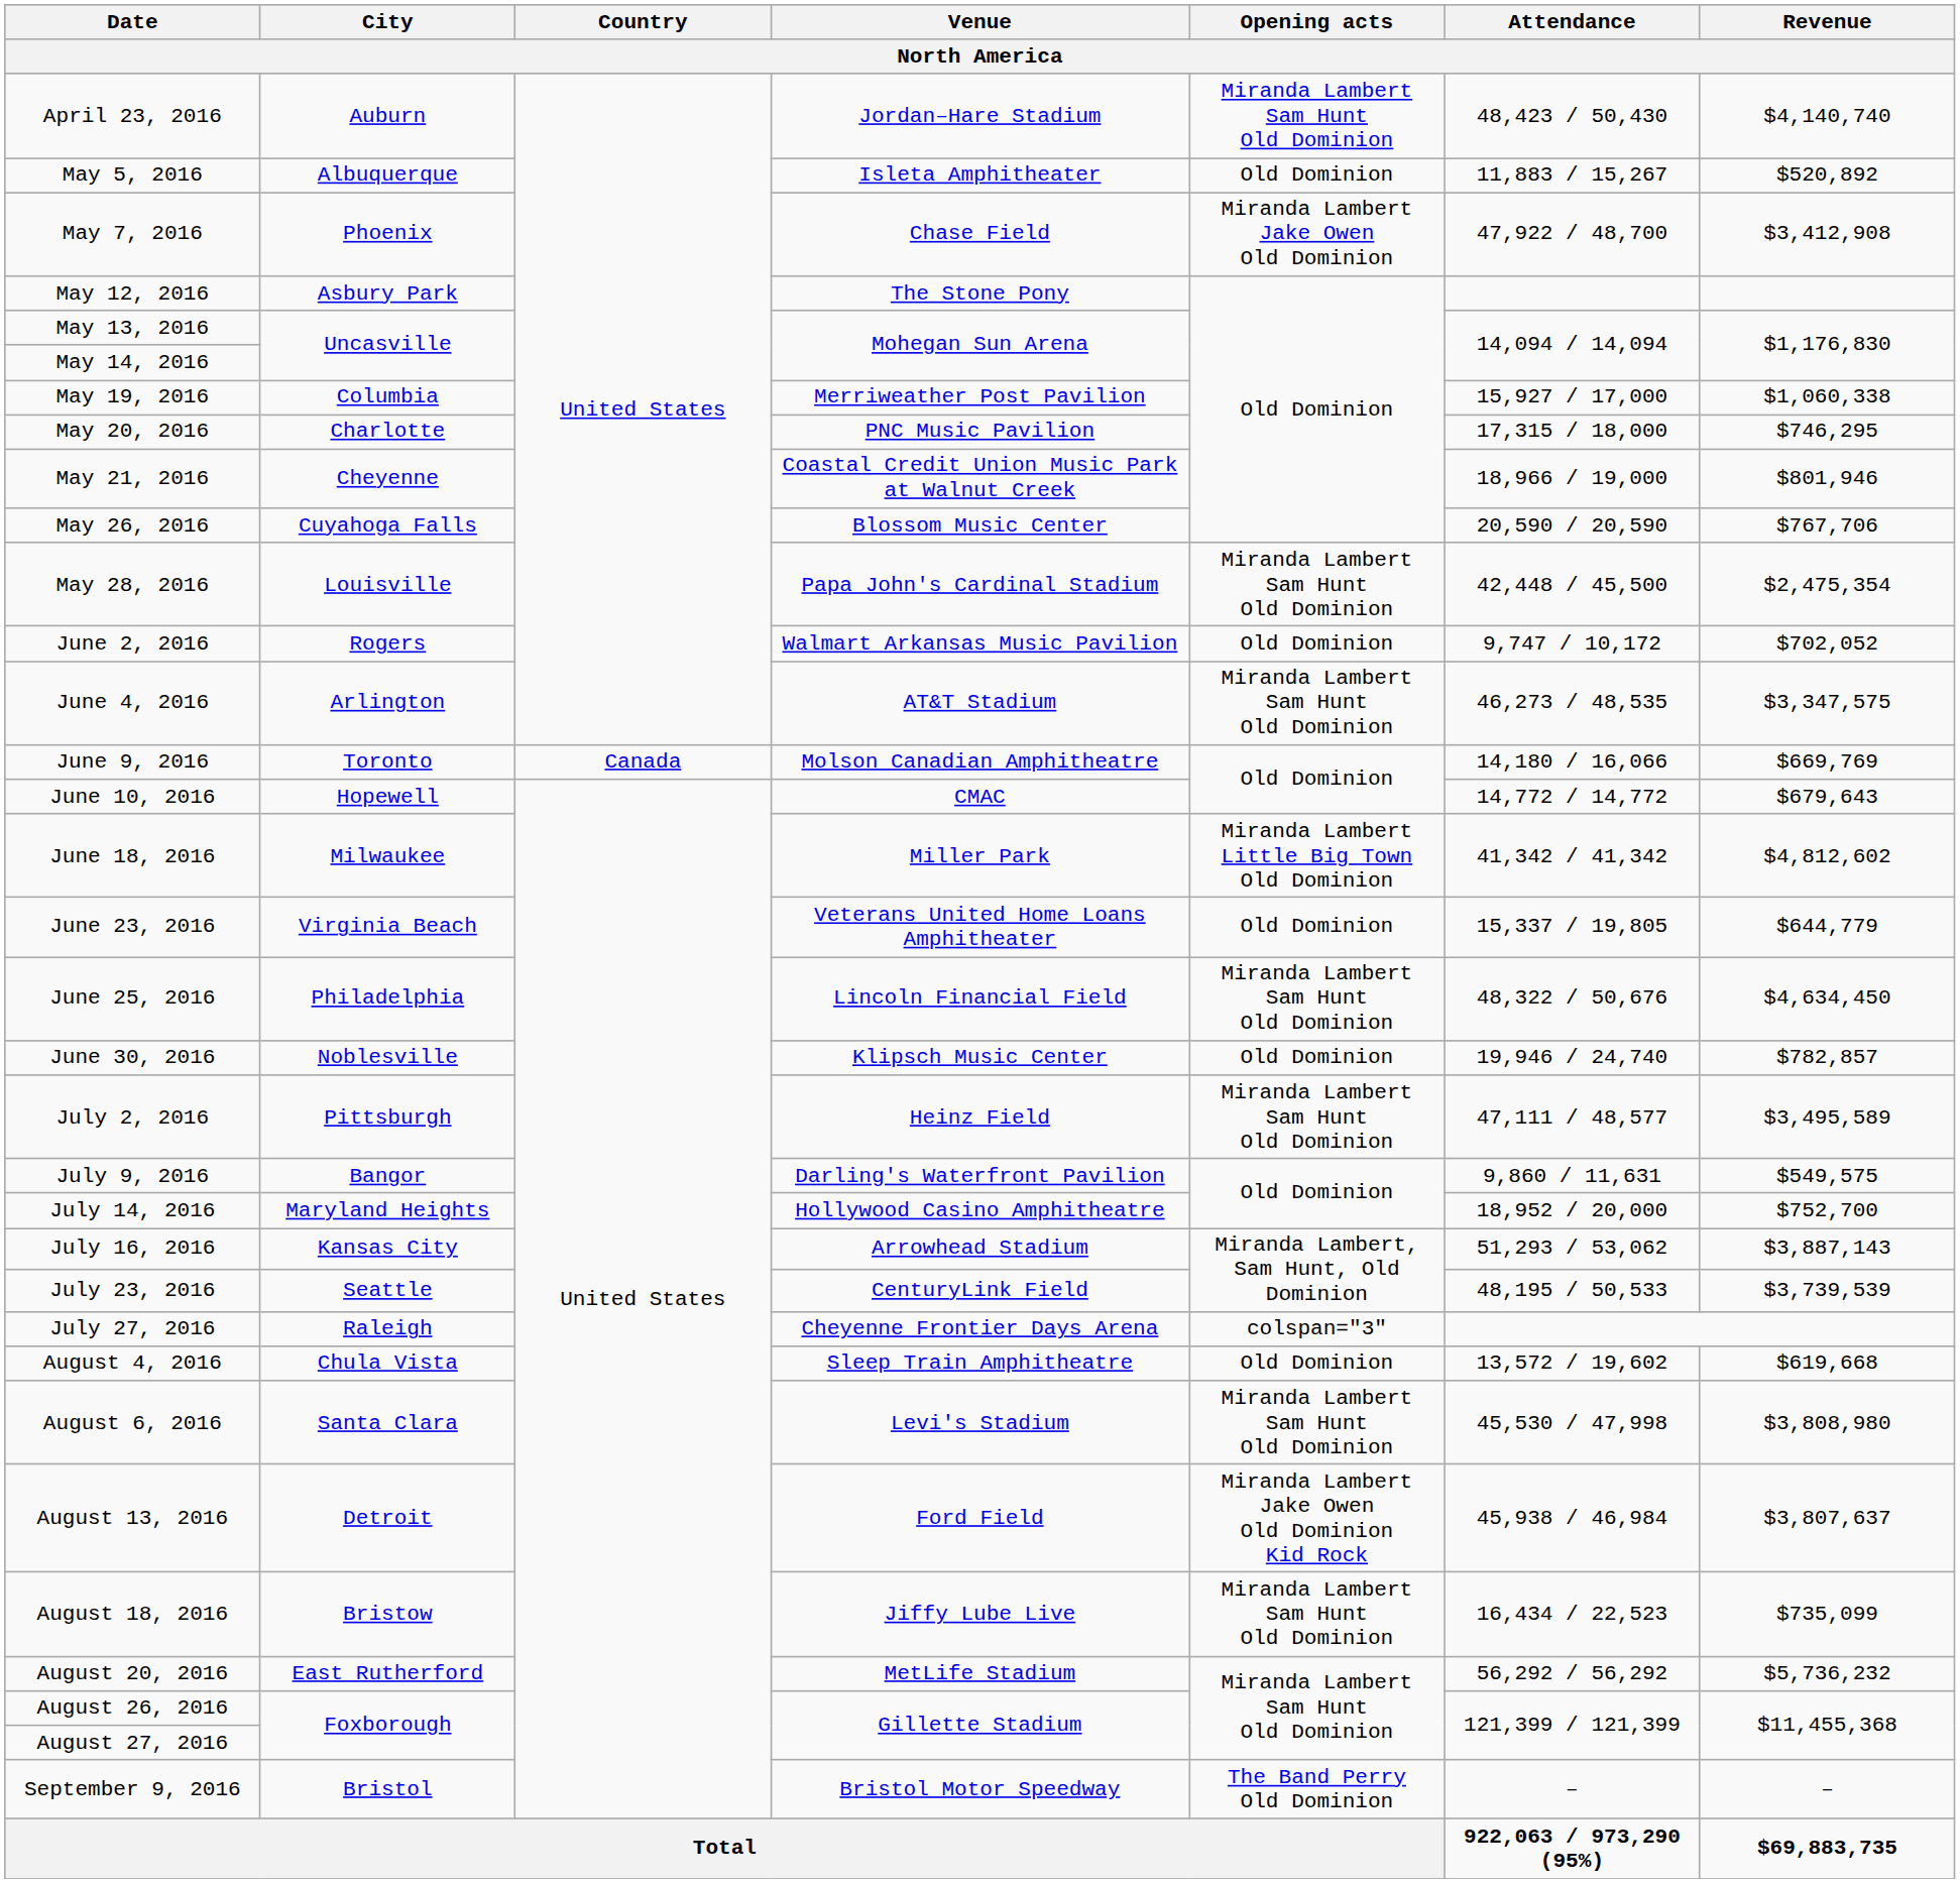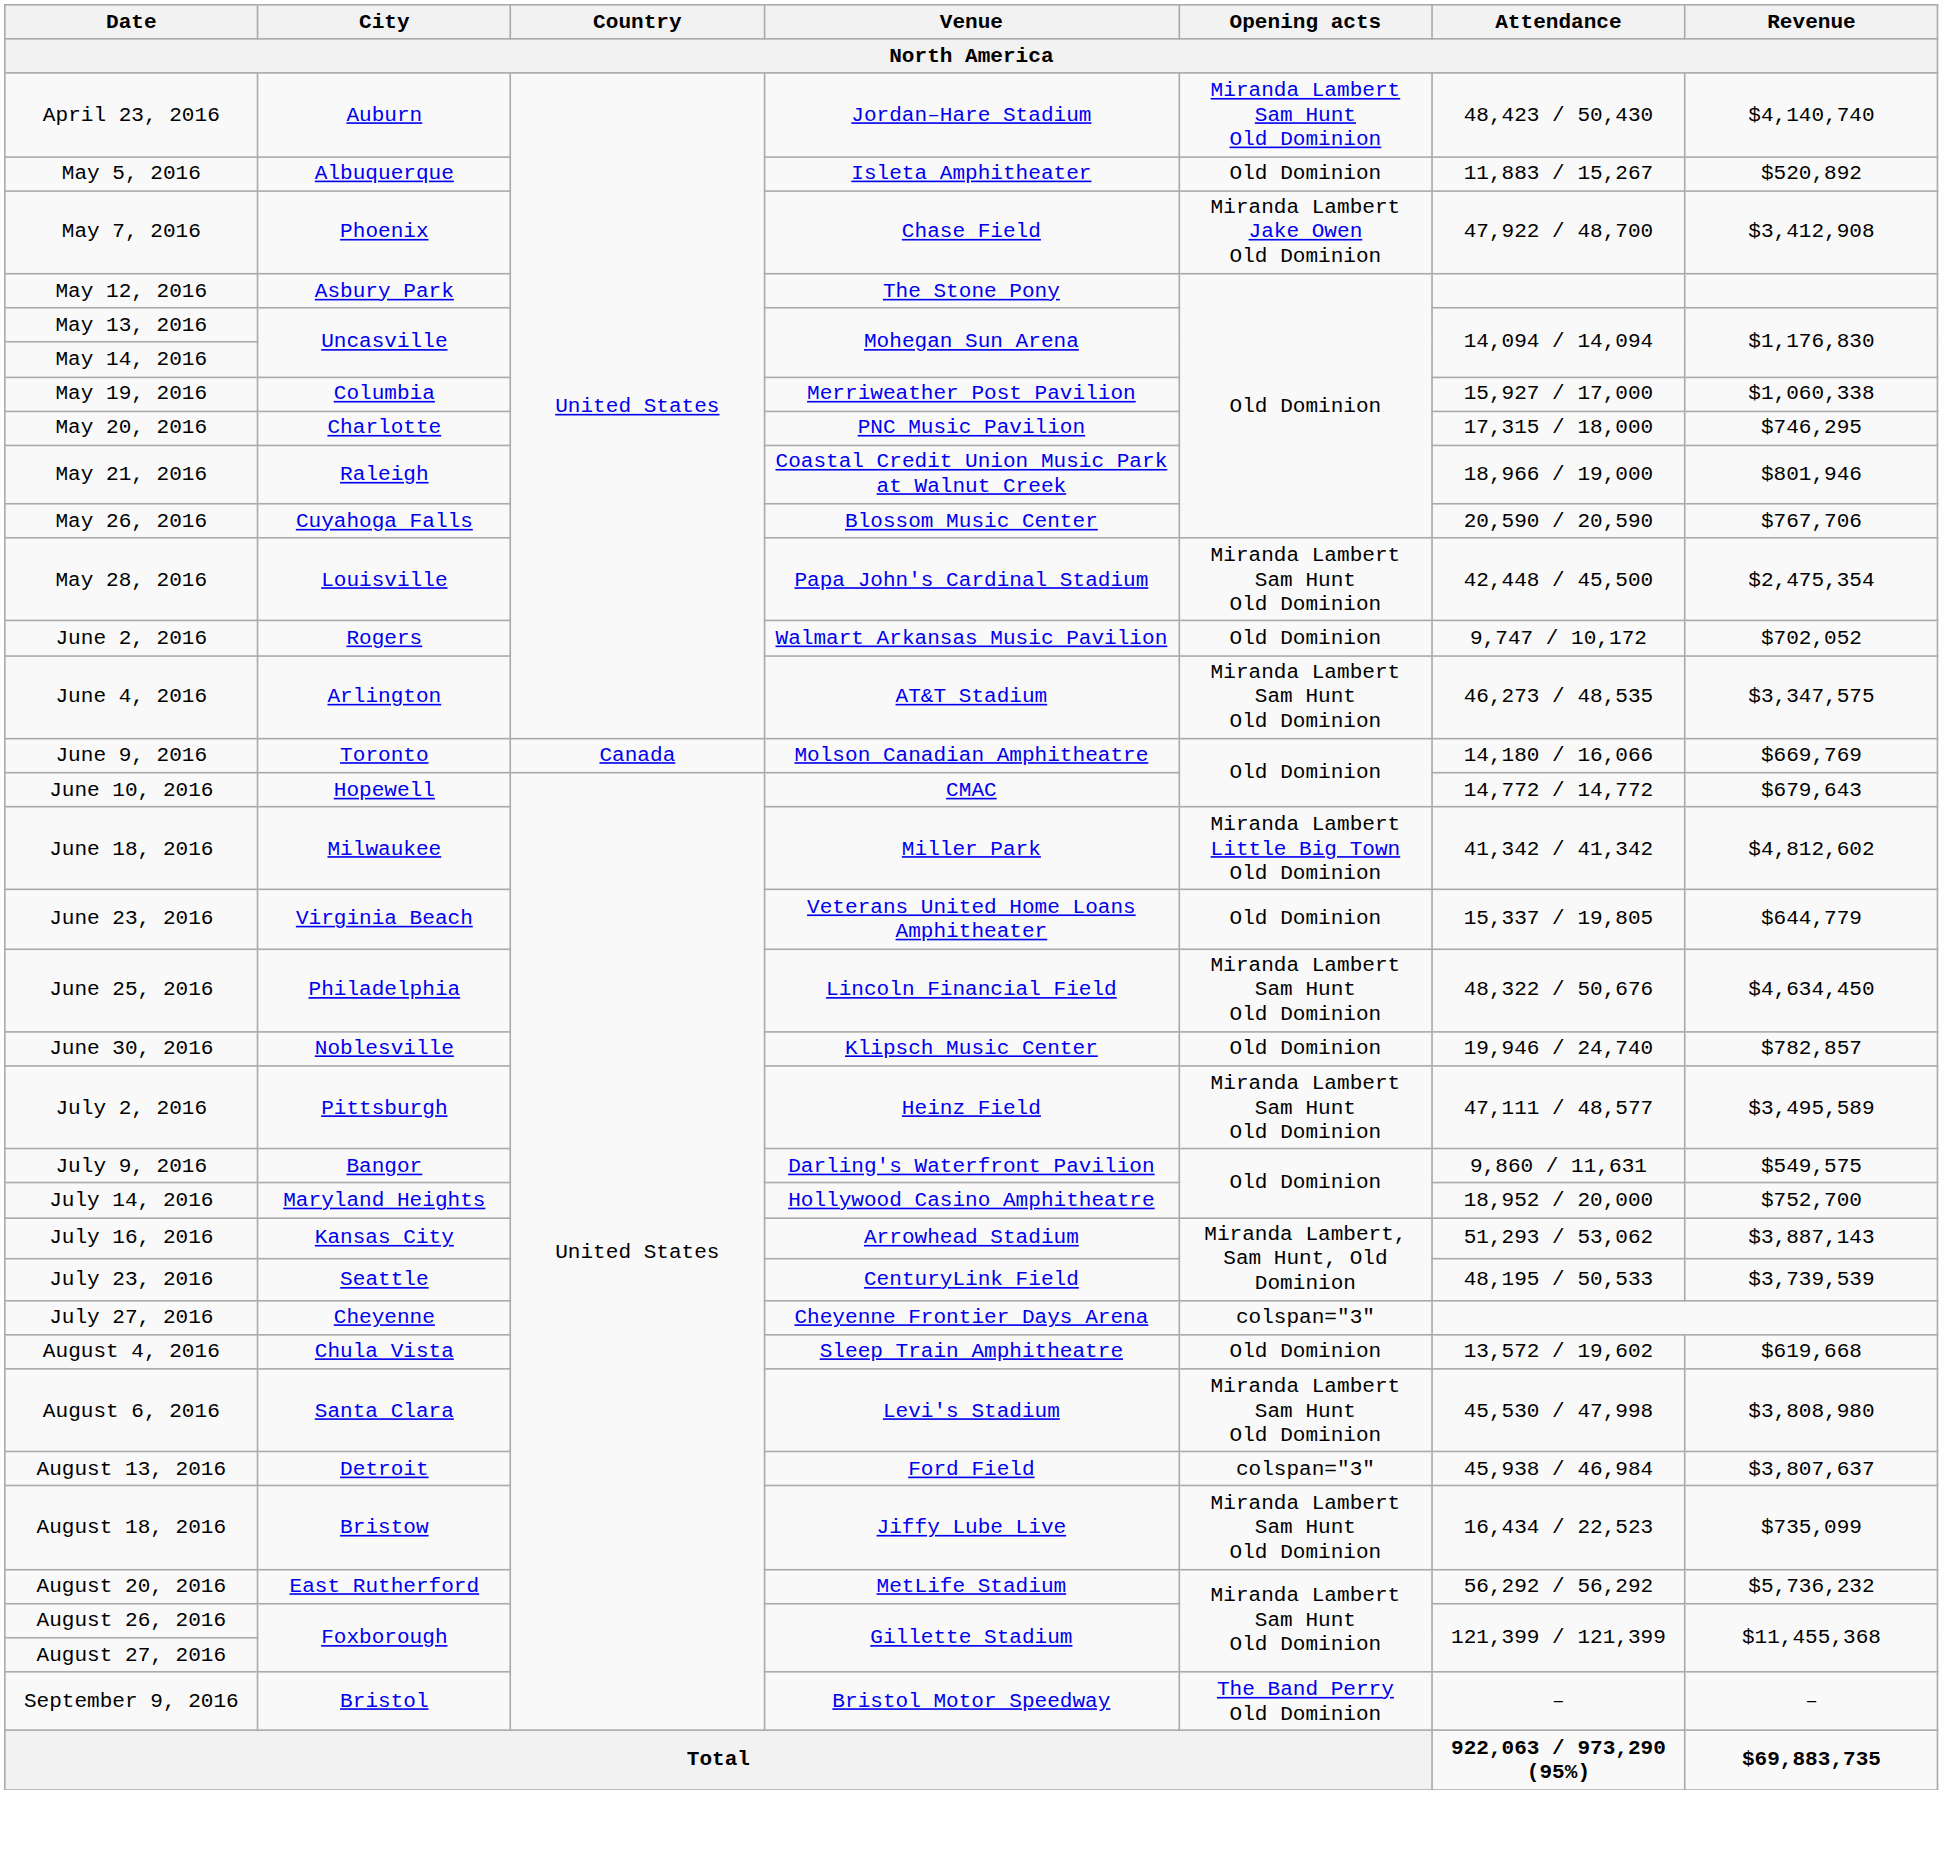 <table class="wikitable" style="text-align:center;">
 <tr>
 <th style="width:150px;">Date</th>
 <th style="width:150px;">City</th>
 <th style="width:150px;">Country</th>
 <th style="width:250px;">Venue</th>
 <th style="width:150px;">Opening acts</th>
 <th style="width:150px;">Attendance</th>
 <th style="width:150px;">Revenue</th>
 </tr>
 <tr>
 <th colspan="7">North America</th>
 </tr>
 <tr>
 <td>April 23, 2016</td>
 <td><a href='#'>Auburn</a></td>
 <td rowspan="13"><a href='#'>United States</a></td>
 <td><a href='#'>Jordan–Hare Stadium</a></td>
 <td><a href='#'>Miranda Lambert</a><br><a href='#'>Sam Hunt</a><br><a href='#'>Old Dominion</a></td>
 <td>48,423 / 50,430</td>
 <td>$4,140,740</td>
 </tr>
 <tr>
 <td>May 5, 2016</td>
 <td><a href='#'>Albuquerque</a></td>
 <td><a href='#'>Isleta Amphitheater</a></td>
 <td>Old Dominion</td>
 <td>11,883 / 15,267</td>
 <td>$520,892</td>
 </tr>
 <tr>
 <td>May 7, 2016</td>
 <td><a href='#'>Phoenix</a></td>
 <td><a href='#'>Chase Field</a></td>
 <td>Miranda Lambert<br><a href='#'>Jake Owen</a><br>Old Dominion</td>
 <td>47,922 / 48,700</td>
 <td>$3,412,908</td>
 </tr>
 <tr>
 <td>May 12, 2016</td>
 <td><a href='#'>Asbury Park</a></td>
 <td><a href='#'>The Stone Pony</a></td>
 <td rowspan="7">Old Dominion</td>
 <td></td>
 <td></td>
 </tr>
 <tr>
 <td>May 13, 2016</td>
 <td rowspan="2"><a href='#'>Uncasville</a></td>
 <td rowspan="2"><a href='#'>Mohegan Sun Arena</a></td>
 <td rowspan="2">14,094 / 14,094</td>
 <td rowspan="2">$1,176,830</td>
 </tr>
 <tr>
 <td>May 14, 2016</td>
 </tr>
 <tr>
 <td>May 19, 2016</td>
 <td><a href='#'>Columbia</a></td>
 <td><a href='#'>Merriweather Post Pavilion</a></td>
 <td>15,927 / 17,000</td>
 <td>$1,060,338</td>
 </tr>
 <tr>
 <td>May 20, 2016</td>
 <td><a href='#'>Charlotte</a></td>
 <td><a href='#'>PNC Music Pavilion</a></td>
 <td>17,315 / 18,000</td>
 <td>$746,295</td>
 </tr>
 <tr>
 <td>May 21, 2016</td>
-<td><a href='#'>Cheyenne</a></td>
+<td><a href='#'>Raleigh</a></td>
 <td><a href='#'>Coastal Credit Union Music Park at Walnut Creek</a></td>
 <td>18,966 / 19,000</td>
 <td>$801,946</td>
 </tr>
 <tr>
 <td>May 26, 2016</td>
 <td><a href='#'>Cuyahoga Falls</a></td>
 <td><a href='#'>Blossom Music Center</a></td>
 <td>20,590 / 20,590</td>
 <td>$767,706</td>
 </tr>
 <tr>
 <td>May 28, 2016</td>
 <td><a href='#'>Louisville</a></td>
 <td><a href='#'>Papa John's Cardinal Stadium</a></td>
 <td>Miranda Lambert<br>Sam Hunt<br>Old Dominion</td>
 <td>42,448 / 45,500</td>
 <td>$2,475,354</td>
 </tr>
 <tr>
 <td>June 2, 2016</td>
 <td><a href='#'>Rogers</a></td>
 <td><a href='#'>Walmart Arkansas Music Pavilion</a></td>
 <td>Old Dominion</td>
 <td>9,747 / 10,172</td>
 <td>$702,052</td>
 </tr>
 <tr>
 <td>June 4, 2016</td>
 <td><a href='#'>Arlington</a></td>
 <td><a href='#'>AT&T Stadium</a></td>
 <td>Miranda Lambert<br>Sam Hunt<br>Old Dominion</td>
 <td>46,273 / 48,535</td>
 <td>$3,347,575</td>
 </tr>
 <tr>
 <td>June 9, 2016</td>
 <td><a href='#'>Toronto</a></td>
 <td><a href='#'>Canada</a></td>
 <td><a href='#'>Molson Canadian Amphitheatre</a></td>
 <td rowspan="2">Old Dominion</td>
 <td>14,180 / 16,066</td>
 <td>$669,769</td>
 </tr>
 <tr>
 <td>June 10, 2016</td>
 <td><a href='#'>Hopewell</a></td>
 <td rowspan="19">United States</td>
 <td><a href='#'>CMAC</a></td>
 <td>14,772 / 14,772</td>
 <td>$679,643</td>
 </tr>
 <tr>
 <td>June 18, 2016</td>
 <td><a href='#'>Milwaukee</a></td>
 <td><a href='#'>Miller Park</a></td>
 <td>Miranda Lambert<br><a href='#'>Little Big Town</a><br>Old Dominion</td>
 <td>41,342 / 41,342</td>
 <td>$4,812,602</td>
 </tr>
 <tr>
 <td>June 23, 2016</td>
 <td><a href='#'>Virginia Beach</a></td>
 <td><a href='#'>Veterans United Home Loans Amphitheater</a></td>
 <td>Old Dominion</td>
 <td>15,337 / 19,805</td>
 <td>$644,779</td>
 </tr>
 <tr>
 <td>June 25, 2016</td>
 <td><a href='#'>Philadelphia</a></td>
 <td><a href='#'>Lincoln Financial Field</a></td>
 <td>Miranda Lambert<br>Sam Hunt<br>Old Dominion</td>
 <td>48,322 / 50,676</td>
 <td>$4,634,450</td>
 </tr>
 <tr>
 <td>June 30, 2016</td>
 <td><a href='#'>Noblesville</a></td>
 <td><a href='#'>Klipsch Music Center</a></td>
 <td>Old Dominion</td>
 <td>19,946 / 24,740</td>
 <td>$782,857</td>
 </tr>
 <tr>
 <td>July 2, 2016</td>
 <td><a href='#'>Pittsburgh</a></td>
 <td><a href='#'>Heinz Field</a></td>
 <td>Miranda Lambert<br>Sam Hunt<br>Old Dominion</td>
 <td>47,111 / 48,577</td>
 <td>$3,495,589</td>
 </tr>
 <tr>
 <td>July 9, 2016</td>
 <td><a href='#'>Bangor</a></td>
 <td><a href='#'>Darling's Waterfront Pavilion</a></td>
 <td rowspan="2">Old Dominion</td>
 <td>9,860 / 11,631</td>
 <td>$549,575</td>
 </tr>
 <tr>
 <td>July 14, 2016</td>
 <td><a href='#'>Maryland Heights</a></td>
 <td><a href='#'>Hollywood Casino Amphitheatre</a></td>
 <td>18,952 / 20,000</td>
 <td>$752,700</td>
 </tr>
 <tr>
 <td>July 16, 2016</td>
 <td><a href='#'>Kansas City</a></td>
 <td><a href='#'>Arrowhead Stadium</a></td>
 <td rowspan="2">Miranda Lambert, Sam Hunt, Old Dominion</td>
 <td>51,293 / 53,062</td>
 <td>$3,887,143</td>
 </tr>
 <tr>
 <td>July 23, 2016</td>
 <td><a href='#'>Seattle</a></td>
 <td><a href='#'>CenturyLink Field</a></td>
 <td>48,195 / 50,533</td>
 <td>$3,739,539</td>
 </tr>
 <tr>
 <td>July 27, 2016</td>
-<td><a href='#'>Raleigh</a></td>
+<td><a href='#'>Cheyenne</a></td>
 <td><a href='#'>Cheyenne Frontier Days Arena</a></td>
 <td>colspan="3" </td>
 </tr>
 <tr>
 <td>August 4, 2016</td>
 <td><a href='#'>Chula Vista</a></td>
 <td><a href='#'>Sleep Train Amphitheatre</a></td>
 <td>Old Dominion</td>
 <td>13,572 / 19,602</td>
 <td>$619,668</td>
 </tr>
 <tr>
 <td>August 6, 2016</td>
 <td><a href='#'>Santa Clara</a></td>
 <td><a href='#'>Levi's Stadium</a></td>
 <td>Miranda Lambert<br>Sam Hunt<br>Old Dominion</td>
 <td>45,530 / 47,998</td>
 <td>$3,808,980</td>
 </tr>
 <tr>
 <td>August 13, 2016</td>
 <td><a href='#'>Detroit</a></td>
 <td><a href='#'>Ford Field</a></td>
-<td>Miranda Lambert<br>Jake Owen<br>Old Dominion<br><a href='#'>Kid Rock</a></td>
+<td>colspan="3" </td>
 <td>45,938 / 46,984</td>
 <td>$3,807,637</td>
 </tr>
 <tr>
 <td>August 18, 2016</td>
 <td><a href='#'>Bristow</a></td>
 <td><a href='#'>Jiffy Lube Live</a></td>
 <td>Miranda Lambert<br>Sam Hunt<br>Old Dominion</td>
 <td>16,434 / 22,523</td>
 <td>$735,099</td>
 </tr>
 <tr>
 <td>August 20, 2016</td>
 <td><a href='#'>East Rutherford</a></td>
 <td><a href='#'>MetLife Stadium</a></td>
 <td rowspan="3">Miranda Lambert<br>Sam Hunt<br>Old Dominion</td>
 <td>56,292 / 56,292</td>
 <td>$5,736,232</td>
 </tr>
 <tr>
 <td>August 26, 2016</td>
 <td rowspan="2"><a href='#'>Foxborough</a></td>
 <td rowspan="2"><a href='#'>Gillette Stadium</a></td>
 <td rowspan="2">121,399 / 121,399</td>
 <td rowspan="2">$11,455,368</td>
 </tr>
 <tr>
 <td>August 27, 2016</td>
 </tr>
 <tr>
 <td>September 9, 2016</td>
 <td><a href='#'>Bristol</a></td>
 <td><a href='#'>Bristol Motor Speedway</a></td>
 <td><a href='#'>The Band Perry</a><br>Old Dominion</td>
 <td>–</td>
 <td>–</td>
 </tr>
 <tr>
 <th colspan="5">Total</th>
 <td><strong>922,063 / 973,290 (95%)</strong></td>
 <td><strong>$69,883,735</strong></td>
 </tr>
 </table>
